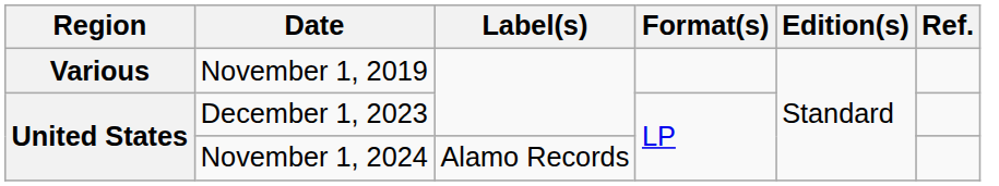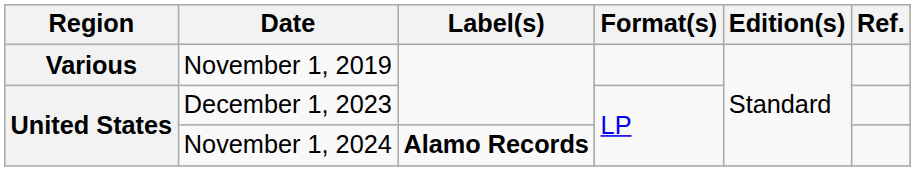 <table class="wikitable plainrowheaders">
 <tr>
 <th scope="col">Region</th>
 <th scope="col">Date</th>
 <th scope="col">Label(s)</th>
 <th scope="col">Format(s)</th>
 <th scope="col">Edition(s)</th>
 <th scope="col">Ref.</th>
 </tr>
 <tr>
 <th scope="row">Various</th>
 <td>November 1, 2019</td>
 <td rowspan="2"></td>
 <td></td>
 <td rowspan="3">Standard</td>
 <td style="text-align: center"></td>
 </tr>
 <tr>
 <th scope="row" rowspan="2">United States</th>
 <td>December 1, 2023</td>
 <td rowspan="2"><a href='#'>LP</a></td>
 <td style="text-align: center"></td>
 </tr>
 <tr>
 <td>November 1, 2024</td>
-<td>Alamo Records</td>
+<td><strong>Alamo Records</strong></td>
 <td style="text-align: center"></td>
 </tr>
 </table>
